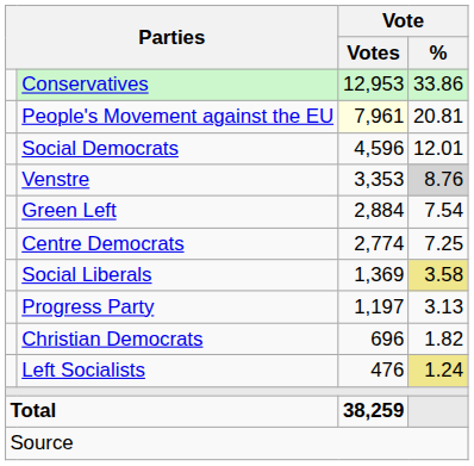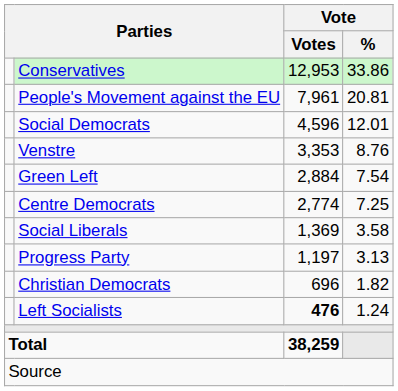 <table class="wikitable" style="text-align:right;">
 <tr>
 <th style="text-align:centre;" rowspan="2" colspan="2" width="225">Parties</th>
 <th colspan="3">Vote</th>
 </tr>
 <tr>
 <th width="15">Votes</th>
 <th width="15">%</th>
 </tr>
 <tr>
 <td width="2" style="color:inherit;background:"></td>
 <td bgcolor=#ccf7cc   align="left"><a href='#'>Conservatives</a></td>
 <td bgcolor=#ccf7cc>12,953</td>
 <td bgcolor=#ccf7cc>33.86</td>
 </tr>
 <tr>
 <td width="2" style="color:inherit;background:"></td>
 <td align="left"><a href='#'>People's Movement against the EU</a></td>
-<td style="background: lightyellow;">7,961</td>
+<td>7,961</td>
 <td>20.81</td>
 </tr>
 <tr>
 <td width="2" style="color:inherit;background:"></td>
 <td align="left"><a href='#'>Social Democrats</a></td>
 <td>4,596</td>
 <td>12.01</td>
 </tr>
 <tr>
 <td width="2" style="color:inherit;background:"></td>
 <td align="left"><a href='#'>Venstre</a></td>
 <td>3,353</td>
-<td style="background: lightgrey;">8.76</td>
+<td>8.76</td>
 </tr>
 <tr>
 <td width="2" style="color:inherit;background:"></td>
 <td align="left"><a href='#'>Green Left</a></td>
 <td>2,884</td>
 <td>7.54</td>
 </tr>
 <tr>
 <td width="2" style="color:inherit;background:"></td>
 <td align="left"><a href='#'>Centre Democrats</a></td>
 <td>2,774</td>
 <td>7.25</td>
 </tr>
 <tr>
 <td width="2" style="color:inherit;background:"></td>
 <td align="left"><a href='#'>Social Liberals</a></td>
 <td>1,369</td>
-<td style="background: khaki;">3.58</td>
+<td>3.58</td>
 </tr>
 <tr>
 <td width="2" style="color:inherit;background:"></td>
 <td align="left"><a href='#'>Progress Party</a></td>
 <td>1,197</td>
 <td>3.13</td>
 </tr>
 <tr>
 <td width="2" style="color:inherit;background:"></td>
 <td align="left"><a href='#'>Christian Democrats</a></td>
 <td>696</td>
 <td>1.82</td>
 </tr>
 <tr>
 <td width="2" style="color:inherit;background:"></td>
 <td align="left"><a href='#'>Left Socialists</a></td>
-<td>476</td>
-<td style="background: khaki;">1.24</td>
+<td><strong>476</strong></td>
+<td>1.24</td>
 </tr>
 <tr>
 <td colspan="7" bgcolor="#E9E9E9"></td>
 </tr>
 <tr>
 <td align="left" colspan="2"><strong>Total</strong></td>
 <td><strong>38,259</strong></td>
 <td bgcolor="#E9E9E9" colspan="2"></td>
 </tr>
 <tr>
 <td align="left" colspan="6">Source</td>
 </tr>
 </table>
